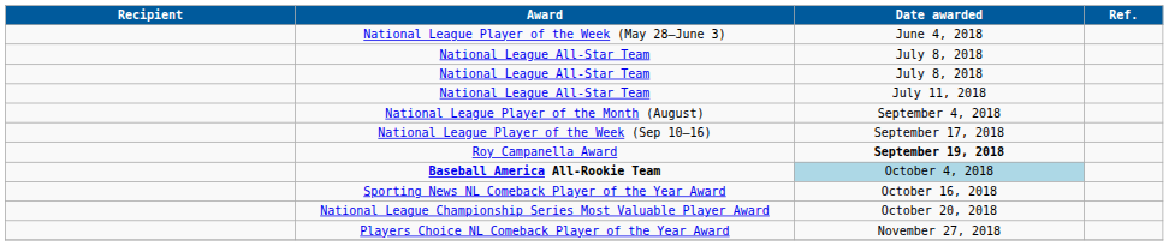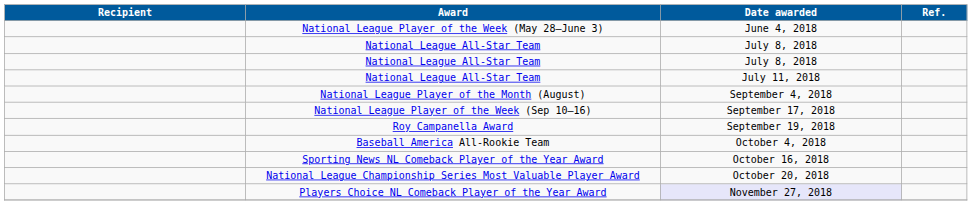 <table class="wikitable sortable collapsible" style="text-align:center">
 <tr>
 <th style="background:#005A9C; color:#FFF" width="5%">Recipient</th>
 <th style="background:#005A9C; color:#FFF" width="9%">Award</th>
 <th style="background:#005A9C; color:#FFF" width="5%">Date awarded</th>
 <th style="background:#005A9C; color:#FFF" width="1%" class="unsortable">Ref.</th>
 </tr>
 <tr>
 <td></td>
 <td><a href='#'>National League Player of the Week</a> (May 28–June 3)</td>
 <td>June 4, 2018</td>
 <td></td>
 </tr>
 <tr>
 <td></td>
 <td><a href='#'>National League All-Star Team</a></td>
 <td>July 8, 2018</td>
 <td></td>
 </tr>
 <tr>
 <td></td>
 <td><a href='#'>National League All-Star Team</a></td>
 <td>July 8, 2018</td>
 <td></td>
 </tr>
 <tr>
 <td></td>
 <td><a href='#'>National League All-Star Team</a></td>
 <td>July 11, 2018</td>
 <td></td>
 </tr>
 <tr>
 <td></td>
 <td><a href='#'>National League Player of the Month</a> (August)</td>
 <td>September 4, 2018</td>
 <td></td>
 </tr>
 <tr>
 <td></td>
 <td><a href='#'>National League Player of the Week</a> (Sep 10–16)</td>
 <td>September 17, 2018</td>
 <td></td>
 </tr>
 <tr>
 <td></td>
 <td><a href='#'>Roy Campanella Award</a></td>
-<td><strong>September 19, 2018</strong></td>
+<td>September 19, 2018</td>
 <td></td>
 </tr>
 <tr>
 <td></td>
-<td><strong><a href='#'>Baseball America</a> All-Rookie Team</strong></td>
-<td style="background: lightblue;">October 4, 2018</td>
+<td><a href='#'>Baseball America</a> All-Rookie Team</td>
+<td>October 4, 2018</td>
 <td></td>
 </tr>
 <tr>
 <td></td>
 <td><a href='#'>Sporting News NL Comeback Player of the Year Award</a></td>
 <td>October 16, 2018</td>
 <td></td>
 </tr>
 <tr>
 <td></td>
 <td><a href='#'>National League Championship Series Most Valuable Player Award</a></td>
 <td>October 20, 2018</td>
 <td></td>
 </tr>
 <tr>
 <td></td>
 <td><a href='#'>Players Choice NL Comeback Player of the Year Award</a></td>
-<td>November 27, 2018</td>
+<td style="background: lavender;">November 27, 2018</td>
 <td></td>
 </tr>
 <tr>
 </tr>
 </table>
